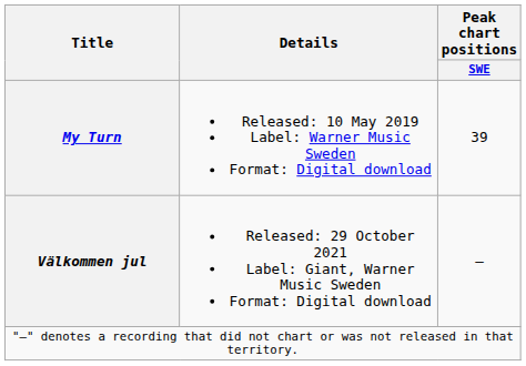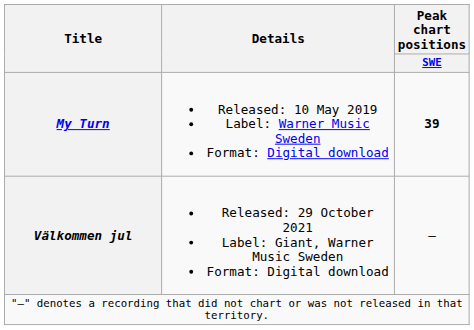 <table class="wikitable plainrowheaders" style="text-align:center;">
 <tr>
 <th scope="col" rowspan="2" style="width:12em;">Title</th>
 <th scope="col" rowspan="2" style="width:18em;">Details</th>
 <th scope="col" colspan="1">Peak chart positions</th>
 </tr>
 <tr>
 <th scope="col" style="width:3em;font-size:85%;"><a href='#'>SWE</a><br></th>
 </tr>
 <tr>
 <th scope="row"><em><a href='#'>My Turn</a></em></th>
 <td><br><ul><li>Released: 10 May 2019</li><li>Label: <a href='#'>Warner Music Sweden</a></li><li>Format: <a href='#'>Digital download</a></li></ul></td>
-<td>39</td>
+<td><strong>39</strong></td>
 </tr>
 <tr>
 <th scope="row"><em>Välkommen jul</em></th>
 <td><br><ul><li>Released: 29 October 2021</li><li>Label: Giant, Warner Music Sweden</li><li>Format: Digital download</li></ul></td>
 <td>—</td>
 </tr>
 <tr>
 <td colspan="14" style="font-size:85%">"—" denotes a recording that did not chart or was not released in that territory.</td>
 </tr>
 </table>
